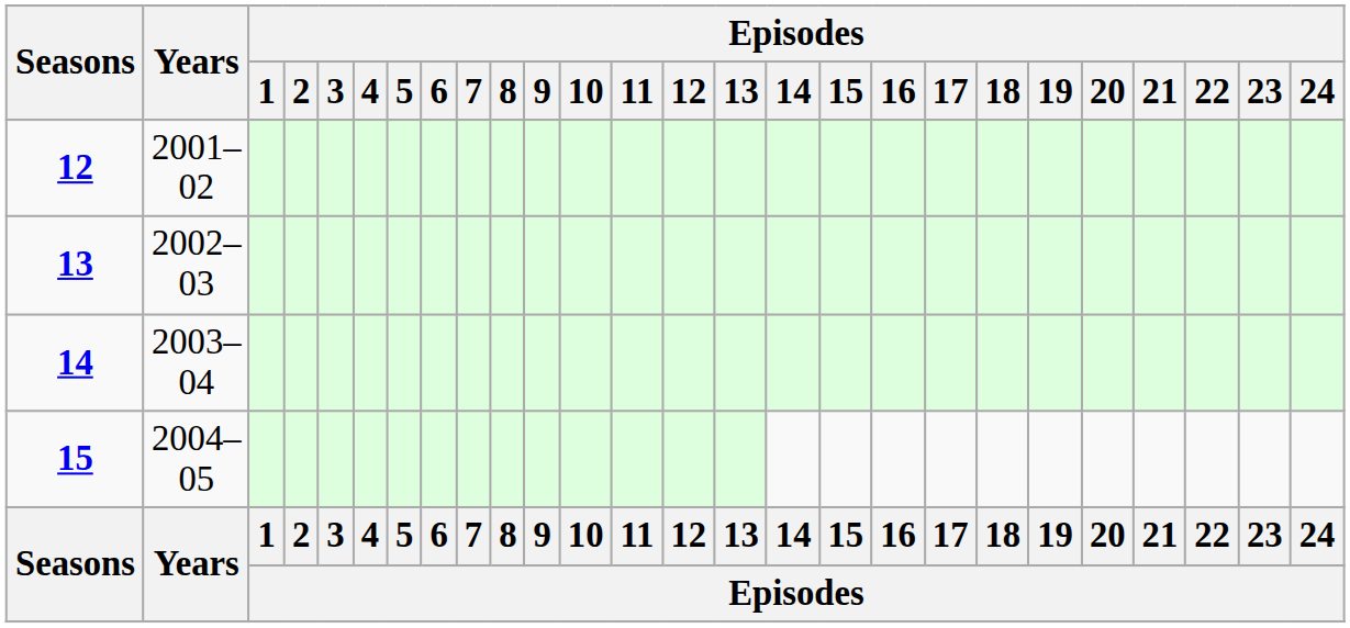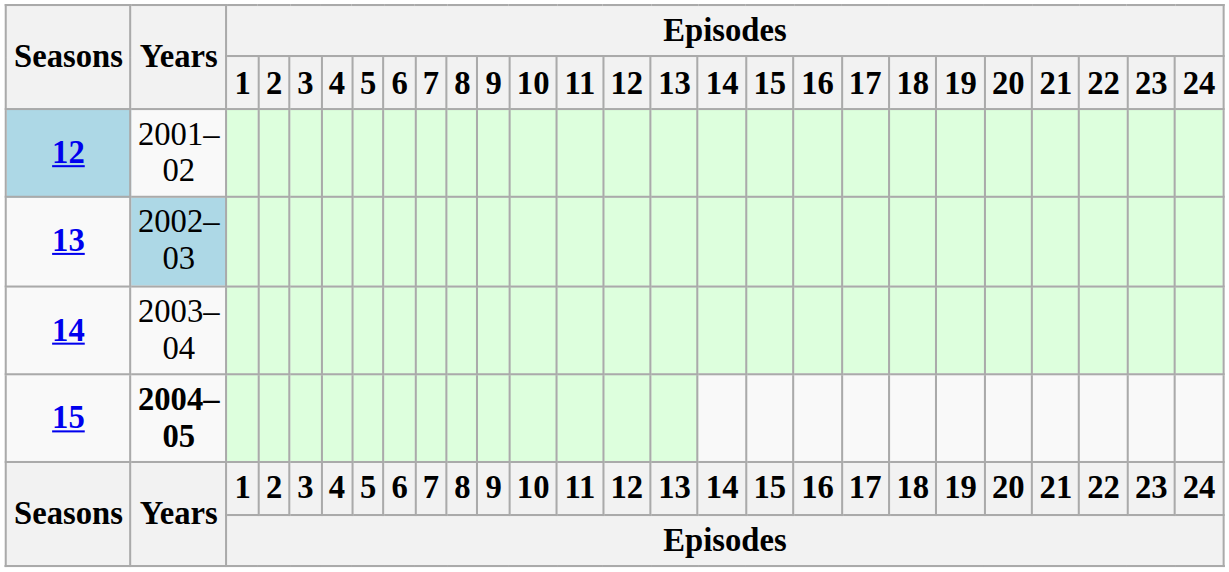 <table class="wikitable" style="text-align:center; margin:auto; width:5%;">
 <tr>
 <th colspan="1" rowspan="2" style="text-align:center;">Seasons</th>
 <th colspan="1" rowspan="2" style="text-align:center;">Years</th>
 <th colspan="24"  style="text-align:center;">Episodes</th>
 </tr>
 <tr>
 <th colspan="1" style="text-align:center;">1</th>
 <th colspan="1" style="text-align:center;">2</th>
 <th colspan="1" style="text-align:center;">3</th>
 <th colspan="1" style="text-align:center;">4</th>
 <th colspan="1" style="text-align:center;">5</th>
 <th colspan="1" style="text-align:center;">6</th>
 <th colspan="1" style="text-align:center;">7</th>
 <th colspan="1" style="text-align:center;">8</th>
 <th colspan="1" style="text-align:center;">9</th>
 <th colspan="1" style="text-align:center;">10</th>
 <th colspan="1" style="text-align:center;">11</th>
 <th colspan="1" style="text-align:center;">12</th>
 <th colspan="1" style="text-align:center;">13</th>
 <th colspan="1" style="text-align:center;">14</th>
 <th colspan="1" style="text-align:center;">15</th>
 <th colspan="1" style="text-align:center;">16</th>
 <th colspan="1" style="text-align:center;">17</th>
 <th colspan="1" style="text-align:center;">18</th>
 <th colspan="1" style="text-align:center;">19</th>
 <th colspan="1" style="text-align:center;">20</th>
 <th colspan="1" style="text-align:center;">21</th>
 <th colspan="1" style="text-align:center;">22</th>
 <th colspan="1" style="text-align:center;">23</th>
 <th colspan="1" style="text-align:center;">24</th>
 </tr>
 <tr>
-<td><strong><a href='#'>12</a></strong></td>
+<td style="background: lightblue;"><strong><a href='#'>12</a></strong></td>
 <td>2001–02</td>
 <td colspan="1" style="background:#dfd; text-align:center;"></td>
 <td colspan="1" style="background:#dfd; text-align:center;"></td>
 <td colspan="1" style="background:#dfd; text-align:center;"></td>
 <td colspan="1" style="background:#dfd; text-align:center;"></td>
 <td colspan="1" style="background:#dfd; text-align:center;"></td>
 <td colspan="1" style="background:#dfd; text-align:center;"></td>
 <td colspan="1" style="background:#dfd; text-align:center;"></td>
 <td colspan="1" style="background:#dfd; text-align:center;"></td>
 <td colspan="1" style="background:#dfd; text-align:center;"></td>
 <td colspan="1" style="background:#dfd; text-align:center;"></td>
 <td colspan="1" style="background:#dfd; text-align:center;"></td>
 <td colspan="1" style="background:#dfd; text-align:center;"></td>
 <td colspan="1" style="background:#dfd; text-align:center;"></td>
 <td colspan="1" style="background:#dfd; text-align:center;"></td>
 <td colspan="1" style="background:#dfd; text-align:center;"></td>
 <td colspan="1" style="background:#dfd; text-align:center;"></td>
 <td colspan="1" style="background:#dfd; text-align:center;"></td>
 <td colspan="1" style="background:#dfd; text-align:center;"></td>
 <td colspan="1" style="background:#dfd; text-align:center;"></td>
 <td colspan="1" style="background:#dfd; text-align:center;"></td>
 <td colspan="1" style="background:#dfd; text-align:center;"></td>
 <td colspan="1" style="background:#dfd; text-align:center;"></td>
 <td colspan="1" style="background:#dfd; text-align:center;"></td>
 <td colspan="1" style="background:#dfd; text-align:center;"></td>
 </tr>
 <tr>
 <td><strong><a href='#'>13</a></strong></td>
-<td>2002–03</td>
+<td style="background: lightblue;">2002–03</td>
 <td colspan="1" style="background:#dfd; text-align:center;"></td>
 <td colspan="1" style="background:#dfd; text-align:center;"></td>
 <td colspan="1" style="background:#dfd; text-align:center;"></td>
 <td colspan="1" style="background:#dfd; text-align:center;"></td>
 <td colspan="1" style="background:#dfd; text-align:center;"></td>
 <td colspan="1" style="background:#dfd; text-align:center;"></td>
 <td colspan="1" style="background:#dfd; text-align:center;"></td>
 <td colspan="1" style="background:#dfd; text-align:center;"></td>
 <td colspan="1" style="background:#dfd; text-align:center;"></td>
 <td colspan="1" style="background:#dfd; text-align:center;"></td>
 <td colspan="1" style="background:#dfd; text-align:center;"></td>
 <td colspan="1" style="background:#dfd; text-align:center;"></td>
 <td colspan="1" style="background:#dfd; text-align:center;"></td>
 <td colspan="1" style="background:#dfd; text-align:center;"></td>
 <td colspan="1" style="background:#dfd; text-align:center;"></td>
 <td colspan="1" style="background:#dfd; text-align:center;"></td>
 <td colspan="1" style="background:#dfd; text-align:center;"></td>
 <td colspan="1" style="background:#dfd; text-align:center;"></td>
 <td colspan="1" style="background:#dfd; text-align:center;"></td>
 <td colspan="1" style="background:#dfd; text-align:center;"></td>
 <td colspan="1" style="background:#dfd; text-align:center;"></td>
 <td colspan="1" style="background:#dfd; text-align:center;"></td>
 <td colspan="1" style="background:#dfd; text-align:center;"></td>
 <td colspan="1" style="background:#dfd; text-align:center;"></td>
 </tr>
 <tr>
 <td><strong><a href='#'>14</a></strong></td>
 <td>2003–04</td>
 <td colspan="1" style="background:#dfd; text-align:center;"></td>
 <td colspan="1" style="background:#dfd; text-align:center;"></td>
 <td colspan="1" style="background:#dfd; text-align:center;"></td>
 <td colspan="1" style="background:#dfd; text-align:center;"></td>
 <td colspan="1" style="background:#dfd; text-align:center;"></td>
 <td colspan="1" style="background:#dfd; text-align:center;"></td>
 <td colspan="1" style="background:#dfd; text-align:center;"></td>
 <td colspan="1" style="background:#dfd; text-align:center;"></td>
 <td colspan="1" style="background:#dfd; text-align:center;"></td>
 <td colspan="1" style="background:#dfd; text-align:center;"></td>
 <td colspan="1" style="background:#dfd; text-align:center;"></td>
 <td colspan="1" style="background:#dfd; text-align:center;"></td>
 <td colspan="1" style="background:#dfd; text-align:center;"></td>
 <td colspan="1" style="background:#dfd; text-align:center;"></td>
 <td colspan="1" style="background:#dfd; text-align:center;"></td>
 <td colspan="1" style="background:#dfd; text-align:center;"></td>
 <td colspan="1" style="background:#dfd; text-align:center;"></td>
 <td colspan="1" style="background:#dfd; text-align:center;"></td>
 <td colspan="1" style="background:#dfd; text-align:center;"></td>
 <td colspan="1" style="background:#dfd; text-align:center;"></td>
 <td colspan="1" style="background:#dfd; text-align:center;"></td>
 <td colspan="1" style="background:#dfd; text-align:center;"></td>
 <td colspan="1" style="background:#dfd; text-align:center;"></td>
 <td colspan="1" style="background:#dfd; text-align:center;"></td>
 </tr>
 <tr>
 <td><strong><a href='#'>15</a></strong></td>
-<td>2004–05</td>
+<td><strong>2004–05</strong></td>
 <td colspan="1" style="background:#dfd; text-align:center;"></td>
 <td colspan="1" style="background:#dfd; text-align:center;"></td>
 <td colspan="1" style="background:#dfd; text-align:center;"></td>
 <td colspan="1" style="background:#dfd; text-align:center;"></td>
 <td colspan="1" style="background:#dfd; text-align:center;"></td>
 <td colspan="1" style="background:#dfd; text-align:center;"></td>
 <td colspan="1" style="background:#dfd; text-align:center;"></td>
 <td colspan="1" style="background:#dfd; text-align:center;"></td>
 <td colspan="1" style="background:#dfd; text-align:center;"></td>
 <td colspan="1" style="background:#dfd; text-align:center;"></td>
 <td colspan="1" style="background:#dfd; text-align:center;"></td>
 <td colspan="1" style="background:#dfd; text-align:center;"></td>
 <td colspan="1" style="background:#dfd; text-align:center;"></td>
 <td></td>
 <td></td>
 <td></td>
 <td></td>
 <td></td>
 <td></td>
 <td></td>
 <td></td>
 <td></td>
 <td></td>
 <td></td>
 </tr>
 <tr>
 <th rowspan="2" colspan="1" style="text-align:center;">Seasons</th>
 <th colspan="1" rowspan="2" style="text-align:center;">Years</th>
 <th colspan="1" style="text-align:center;">1</th>
 <th colspan="1" style="text-align:center;">2</th>
 <th colspan="1" style="text-align:center;">3</th>
 <th colspan="1" style="text-align:center;">4</th>
 <th colspan="1" style="text-align:center;">5</th>
 <th colspan="1" style="text-align:center;">6</th>
 <th colspan="1" style="text-align:center;">7</th>
 <th colspan="1" style="text-align:center;">8</th>
 <th colspan="1" style="text-align:center;">9</th>
 <th colspan="1" style="text-align:center;">10</th>
 <th colspan="1" style="text-align:center;">11</th>
 <th colspan="1" style="text-align:center;">12</th>
 <th colspan="1" style="text-align:center;">13</th>
 <th colspan="1" style="text-align:center;">14</th>
 <th colspan="1" style="text-align:center;">15</th>
 <th colspan="1" style="text-align:center;">16</th>
 <th colspan="1" style="text-align:center;">17</th>
 <th colspan="1" style="text-align:center;">18</th>
 <th colspan="1" style="text-align:center;">19</th>
 <th colspan="1" style="text-align:center;">20</th>
 <th colspan="1" style="text-align:center;">21</th>
 <th colspan="1" style="text-align:center;">22</th>
 <th colspan="1" style="text-align:center;">23</th>
 <th colspan="1" style="text-align:center;">24</th>
 </tr>
 <tr>
 <th colspan="24"  style="text-align:center;">Episodes</th>
 </tr>
 <tr>
 </tr>
 </table>
